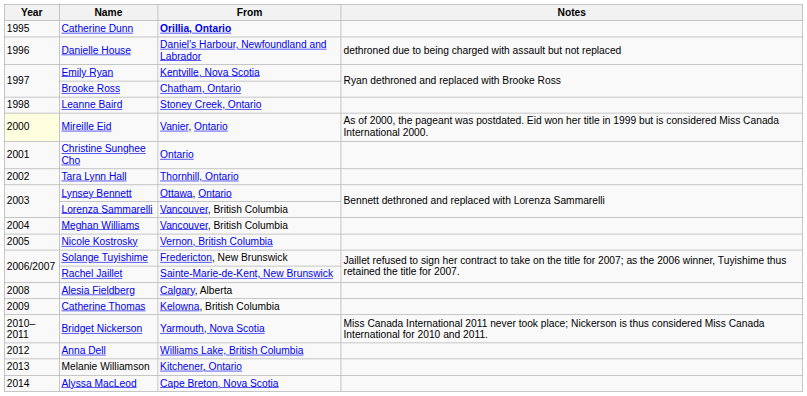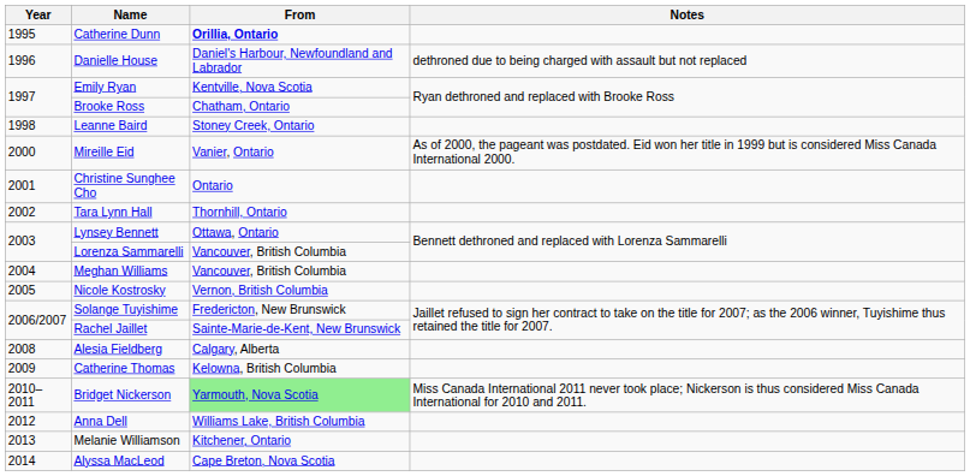 <table class = "wikitable">
 <tr>
 <th>Year</th>
 <th>Name</th>
 <th>From</th>
 <th>Notes</th>
 </tr>
 <tr>
 <td>1995</td>
 <td><a href='#'>Catherine Dunn</a></td>
 <td><strong><a href='#'>Orillia, Ontario</a></strong></td>
 <td></td>
 </tr>
 <tr>
 <td>1996</td>
 <td><a href='#'>Danielle House</a></td>
 <td><a href='#'>Daniel's Harbour, Newfoundland and Labrador</a></td>
 <td>dethroned due to being charged with assault but not replaced</td>
 </tr>
 <tr>
 <td rowspan="2">1997</td>
 <td><a href='#'>Emily Ryan</a></td>
 <td><a href='#'>Kentville, Nova Scotia</a></td>
 <td rowspan="2">Ryan dethroned and replaced with Brooke Ross</td>
 </tr>
 <tr>
 <td><a href='#'>Brooke Ross</a></td>
 <td><a href='#'>Chatham, Ontario</a></td>
 </tr>
 <tr>
 <td>1998</td>
 <td><a href='#'>Leanne Baird</a></td>
 <td><a href='#'>Stoney Creek, Ontario</a></td>
 <td></td>
 </tr>
 <tr>
-<td style="background: lightyellow;">2000</td>
+<td>2000</td>
 <td><a href='#'>Mireille Eid</a></td>
 <td><a href='#'>Vanier</a>, <a href='#'>Ontario</a></td>
 <td>As of 2000, the pageant was postdated. Eid won her title in 1999 but is considered Miss Canada International 2000.</td>
 </tr>
 <tr>
 <td>2001</td>
 <td><a href='#'>Christine Sunghee Cho</a></td>
 <td><a href='#'>Ontario</a></td>
 <td></td>
 </tr>
 <tr>
 <td>2002</td>
 <td><a href='#'>Tara Lynn Hall</a></td>
 <td><a href='#'>Thornhill, Ontario</a></td>
 <td></td>
 </tr>
 <tr>
 <td rowspan="2">2003</td>
 <td><a href='#'>Lynsey Bennett</a></td>
 <td><a href='#'>Ottawa</a>, <a href='#'>Ontario</a></td>
 <td rowspan="2">Bennett dethroned and replaced with Lorenza Sammarelli</td>
 </tr>
 <tr>
 <td><a href='#'>Lorenza Sammarelli</a></td>
 <td><a href='#'>Vancouver</a>, British Columbia</td>
 </tr>
 <tr>
 <td>2004</td>
 <td><a href='#'>Meghan Williams</a></td>
 <td><a href='#'>Vancouver</a>, British Columbia</td>
 <td></td>
 </tr>
 <tr>
 <td>2005</td>
 <td><a href='#'>Nicole Kostrosky</a></td>
 <td><a href='#'>Vernon, British Columbia</a></td>
 <td></td>
 </tr>
 <tr>
 <td rowspan="2">2006/2007</td>
 <td><a href='#'>Solange Tuyishime</a></td>
 <td><a href='#'>Fredericton</a>, New Brunswick</td>
 <td rowspan="2">Jaillet refused to sign her contract to take on the title for 2007; as the 2006 winner, Tuyishime thus retained the title for 2007.</td>
 </tr>
 <tr>
 <td><a href='#'>Rachel Jaillet</a></td>
 <td><a href='#'>Sainte-Marie-de-Kent, New Brunswick</a></td>
 </tr>
 <tr>
 <td>2008</td>
 <td><a href='#'>Alesia Fieldberg</a></td>
 <td><a href='#'>Calgary</a>, Alberta</td>
 <td></td>
 </tr>
 <tr>
 <td>2009</td>
 <td><a href='#'>Catherine Thomas</a></td>
 <td><a href='#'>Kelowna</a>, British Columbia</td>
 <td></td>
 </tr>
 <tr>
 <td>2010–2011</td>
 <td><a href='#'>Bridget Nickerson</a></td>
-<td><a href='#'>Yarmouth, Nova Scotia</a></td>
+<td style="background: lightgreen;"><a href='#'>Yarmouth, Nova Scotia</a></td>
 <td>Miss Canada International 2011 never took place; Nickerson is thus considered Miss Canada International for 2010 and 2011.</td>
 </tr>
 <tr>
 <td>2012</td>
 <td><a href='#'>Anna Dell</a></td>
 <td><a href='#'>Williams Lake, British Columbia</a></td>
 <td></td>
 </tr>
 <tr>
 <td>2013</td>
 <td>Melanie Williamson</td>
 <td><a href='#'>Kitchener, Ontario</a></td>
 <td></td>
 </tr>
 <tr>
 <td>2014</td>
 <td><a href='#'>Alyssa MacLeod</a></td>
 <td><a href='#'>Cape Breton, Nova Scotia</a></td>
 <td></td>
 </tr>
 </table>
